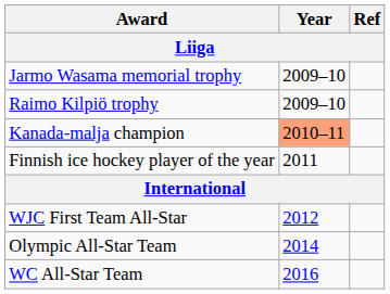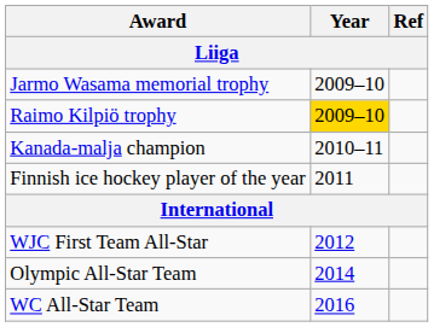 <table class="wikitable">
 <tr>
 <th>Award</th>
 <th>Year</th>
 <th>Ref</th>
 </tr>
 <tr>
 <th colspan="3"><a href='#'>Liiga</a></th>
 </tr>
 <tr>
 <td><a href='#'>Jarmo Wasama memorial trophy</a></td>
 <td>2009–10</td>
 <td></td>
 </tr>
 <tr>
 <td><a href='#'>Raimo Kilpiö trophy</a></td>
-<td>2009–10</td>
+<td style="background: gold;">2009–10</td>
 <td></td>
 </tr>
 <tr>
 <td><a href='#'>Kanada-malja</a> champion</td>
-<td style="background: lightsalmon;">2010–11</td>
+<td>2010–11</td>
 <td></td>
 </tr>
 <tr>
 <td>Finnish ice hockey player of the year</td>
 <td>2011</td>
 <td></td>
 </tr>
 <tr>
 <th colspan="3"><a href='#'>International</a></th>
 </tr>
 <tr>
 <td><a href='#'>WJC</a> First Team All-Star</td>
 <td><a href='#'>2012</a></td>
 <td></td>
 </tr>
 <tr>
 <td>Olympic All-Star Team</td>
 <td><a href='#'>2014</a></td>
 <td></td>
 </tr>
 <tr>
 <td><a href='#'>WC</a> All-Star Team</td>
 <td><a href='#'>2016</a></td>
 <td></td>
 </tr>
 </table>
